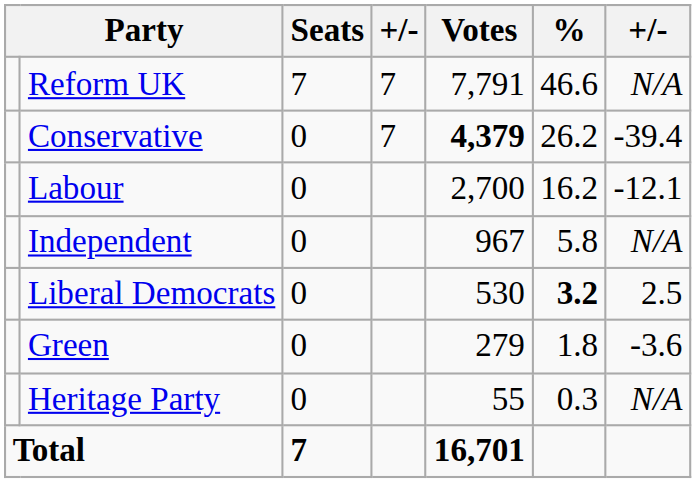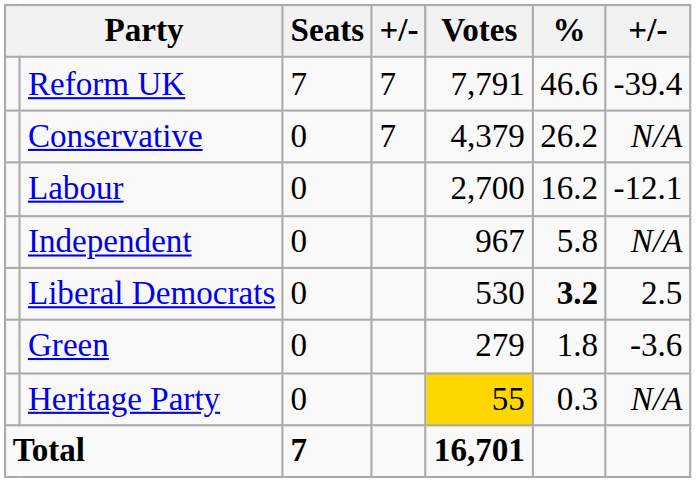 <table class="wikitable sortable">
 <tr>
 <th colspan="2">Party</th>
 <th>Seats</th>
 <th>+/-</th>
 <th>Votes</th>
 <th>%</th>
 <th>+/-</th>
 </tr>
 <tr>
 <td style="background-color: "></td>
 <td><a href='#'>Reform UK</a></td>
 <td>7</td>
 <td> 7</td>
 <td style="text-align:right;">7,791</td>
 <td style="text-align:right;">46.6</td>
-<td style="text-align:right;"><em>N/A</em></td>
+<td style="text-align:right;">-39.4</td>
 </tr>
 <tr>
 <td style="background-color: "></td>
 <td><a href='#'>Conservative</a></td>
 <td>0</td>
 <td> 7</td>
-<td style="text-align:right;"><strong>4,379</strong></td>
+<td style="text-align:right;">4,379</td>
 <td style="text-align:right;">26.2</td>
-<td style="text-align:right;">-39.4</td>
+<td style="text-align:right;"><em>N/A</em></td>
 </tr>
 <tr>
 <td style="background-color: "></td>
 <td><a href='#'>Labour</a></td>
 <td>0</td>
 <td></td>
 <td style="text-align:right;">2,700</td>
 <td style="text-align:right;">16.2</td>
 <td style="text-align:right;">-12.1</td>
 </tr>
 <tr>
 <td style="background-color: "></td>
 <td><a href='#'>Independent</a></td>
 <td>0</td>
 <td></td>
 <td style="text-align:right;">967</td>
 <td style="text-align:right;">5.8</td>
 <td style="text-align:right;"><em>N/A</em></td>
 </tr>
 <tr>
 <td style="background-color: "></td>
 <td><a href='#'>Liberal Democrats</a></td>
 <td>0</td>
 <td></td>
 <td style="text-align:right;">530</td>
 <td style="text-align:right;"><strong>3.2</strong></td>
 <td style="text-align:right;">2.5</td>
 </tr>
 <tr>
 <td style="background-color: "></td>
 <td><a href='#'>Green</a></td>
 <td>0</td>
 <td></td>
 <td style="text-align:right;">279</td>
 <td style="text-align:right;">1.8</td>
 <td style="text-align:right;">-3.6</td>
 </tr>
 <tr>
 <td style="background-color: "></td>
 <td><a href='#'>Heritage Party</a></td>
 <td>0</td>
 <td></td>
-<td style="text-align:right;">55</td>
+<td style="background: gold; text-align:right;">55</td>
 <td style="text-align:right;">0.3</td>
 <td style="text-align:right;"><em>N/A</em></td>
 </tr>
 <tr>
 <td colspan="2"><strong>Total</strong></td>
 <td><strong>7</strong></td>
 <td></td>
 <td style="text-align:right;"><strong>16,701</strong></td>
 <td style="text-align:right;"></td>
 <td style="text-align:right;"></td>
 </tr>
 </table>
